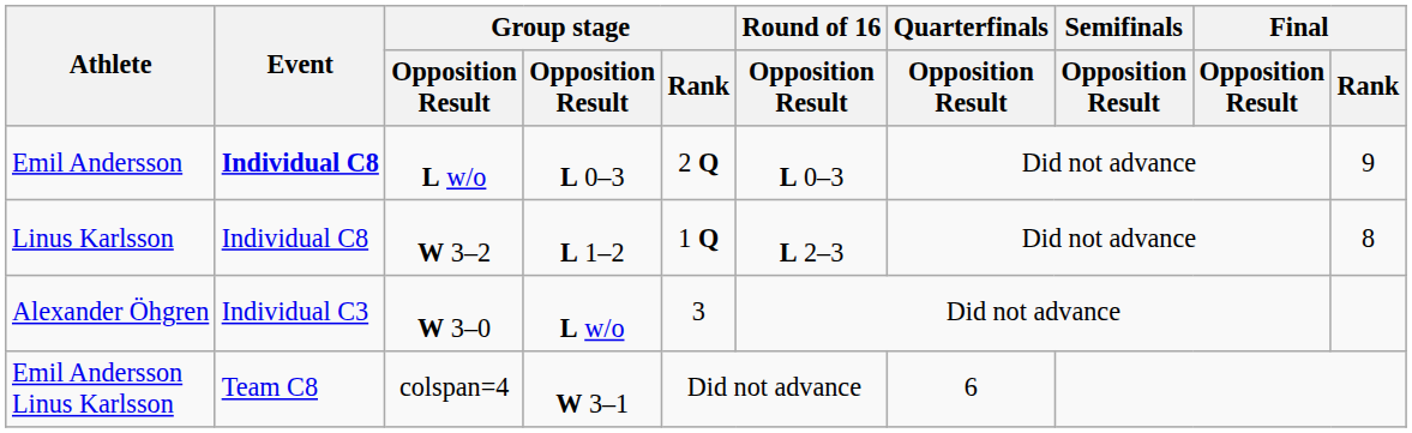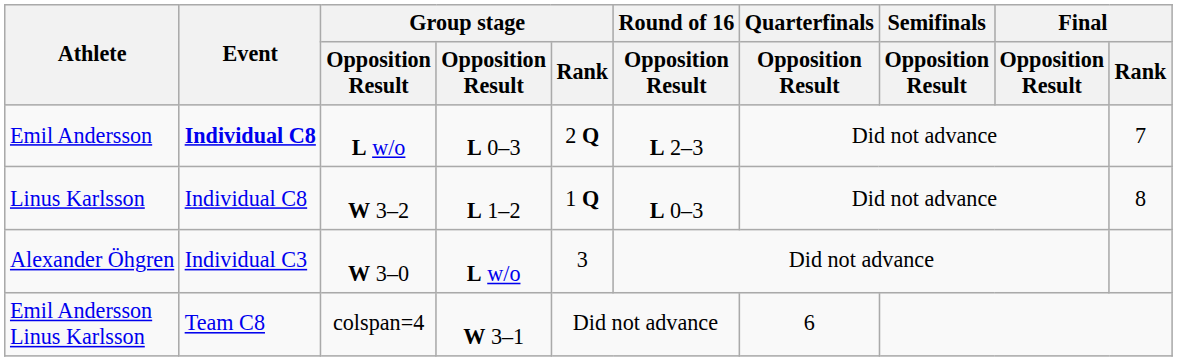 <table class=wikitable style="font-size:90%">
 <tr>
 <th rowspan="2">Athlete</th>
 <th rowspan="2">Event</th>
 <th colspan="3">Group stage</th>
 <th>Round of 16</th>
 <th>Quarterfinals</th>
 <th>Semifinals</th>
 <th colspan="2">Final</th>
 </tr>
 <tr>
 <th>Opposition<br>Result</th>
 <th>Opposition<br>Result</th>
 <th>Rank</th>
 <th>Opposition<br>Result</th>
 <th>Opposition<br>Result</th>
 <th>Opposition<br>Result</th>
 <th>Opposition<br>Result</th>
 <th>Rank</th>
 </tr>
 <tr align=center>
 <td align=left><a href='#'>Emil Andersson</a></td>
 <td align=left><strong><a href='#'>Individual C8</a></strong></td>
 <td><br><strong>L</strong> <a href='#'>w/o</a></td>
 <td><br><strong>L</strong> 0–3</td>
 <td>2 <strong>Q</strong></td>
-<td><br><strong>L</strong> 0–3</td>
+<td><br><strong>L</strong> 2–3</td>
 <td colspan=3>Did not advance</td>
-<td>9</td>
+<td>7</td>
 </tr>
 <tr align=center>
 <td align=left><a href='#'>Linus Karlsson</a></td>
 <td align=left><a href='#'>Individual C8</a></td>
 <td><br><strong>W</strong> 3–2</td>
 <td><br><strong>L</strong> 1–2</td>
 <td>1 <strong>Q</strong></td>
-<td><br><strong>L</strong> 2–3</td>
+<td><br><strong>L</strong> 0–3</td>
 <td colspan=3>Did not advance</td>
 <td>8</td>
 </tr>
 <tr align=center>
 <td align=left><a href='#'>Alexander Öhgren</a></td>
 <td align=left><a href='#'>Individual C3</a></td>
 <td><br><strong>W</strong> 3–0</td>
 <td><br><strong>L</strong> <a href='#'>w/o</a></td>
 <td>3</td>
 <td colspan=4>Did not advance</td>
 <td></td>
 </tr>
 <tr align=center>
 <td align=left><a href='#'>Emil Andersson</a><br><a href='#'>Linus Karlsson</a></td>
 <td align=left><a href='#'>Team C8</a></td>
 <td>colspan=4 </td>
 <td><br><strong>W</strong> 3–1</td>
 <td colspan=2>Did not advance</td>
 <td>6</td>
 </tr>
 </table>
